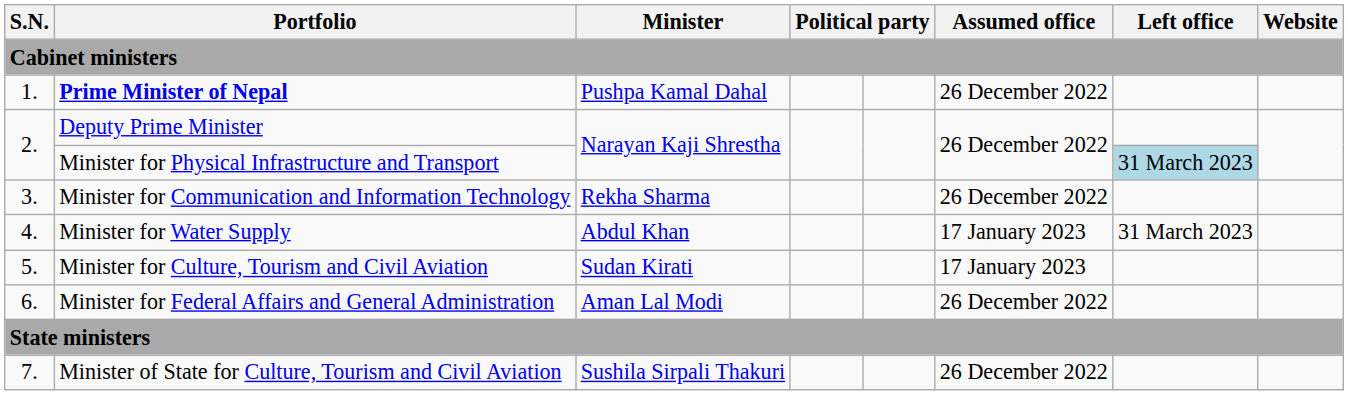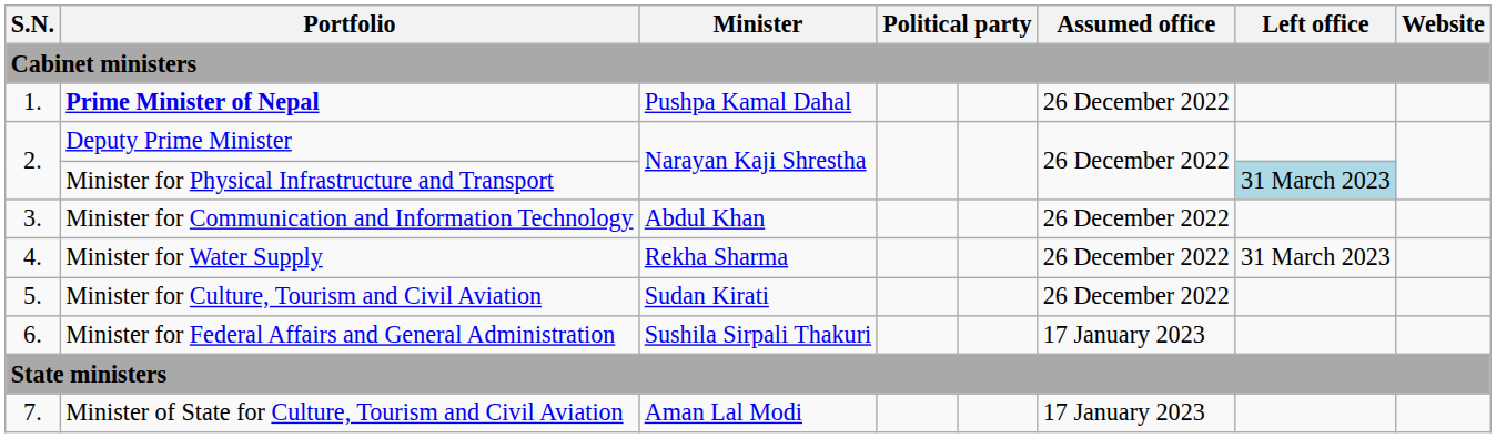 <table class="wikitable mw-collapsible mw-collapsed">
 <tr>
 <th>S.N.</th>
 <th>Portfolio</th>
 <th>Minister</th>
 <th colspan="2">Political party</th>
 <th>Assumed office</th>
 <th>Left office</th>
 <th>Website</th>
 </tr>
 <tr>
 <td colspan="8" bgcolor="darkgrey"><strong>Cabinet ministers</strong></td>
 </tr>
 <tr>
 <td style="text-align:center;">1.</td>
 <td><strong><a href='#'>Prime Minister of Nepal</a></strong><br></td>
 <td><a href='#'>Pushpa Kamal Dahal</a></td>
 <td></td>
 <td></td>
 <td>26 December 2022</td>
 <td></td>
 <td></td>
 </tr>
 <tr>
 <td rowspan="2" style="text-align:center;">2.</td>
 <td><a href='#'>Deputy Prime Minister</a></td>
 <td rowspan="2"><a href='#'>Narayan Kaji Shrestha</a></td>
 <td rowspan="2"></td>
 <td rowspan="2"></td>
 <td rowspan="2">26 December 2022</td>
 <td></td>
 <td rowspan="2"></td>
 </tr>
 <tr>
 <td>Minister for <a href='#'>Physical Infrastructure and Transport</a></td>
 <td style="background: lightblue;">31 March 2023</td>
 </tr>
 <tr>
 <td style="text-align:center;">3.</td>
 <td>Minister for <a href='#'>Communication and Information Technology</a></td>
-<td><a href='#'>Rekha Sharma</a></td>
+<td><a href='#'>Abdul Khan</a></td>
 <td></td>
 <td></td>
 <td>26 December 2022</td>
 <td></td>
 <td></td>
 </tr>
 <tr>
 <td style="text-align:center;">4.</td>
 <td>Minister for <a href='#'>Water Supply</a></td>
-<td><a href='#'>Abdul Khan</a></td>
+<td><a href='#'>Rekha Sharma</a></td>
 <td></td>
 <td></td>
-<td>17 January 2023</td>
+<td>26 December 2022</td>
 <td>31 March 2023</td>
 <td> </td>
 </tr>
 <tr>
 <td style="text-align:center;">5.</td>
 <td>Minister for <a href='#'>Culture, Tourism and Civil Aviation</a></td>
 <td><a href='#'>Sudan Kirati</a></td>
 <td></td>
 <td></td>
-<td>17 January 2023</td>
+<td>26 December 2022</td>
 <td></td>
 <td></td>
 </tr>
 <tr>
 <td style="text-align:center;">6.</td>
 <td>Minister for <a href='#'>Federal Affairs and General Administration</a></td>
-<td><a href='#'>Aman Lal Modi</a></td>
+<td><a href='#'>Sushila Sirpali Thakuri</a></td>
 <td></td>
 <td></td>
-<td>26 December 2022</td>
+<td>17 January 2023</td>
 <td></td>
 <td></td>
 </tr>
 <tr>
 <td colspan="8" bgcolor="darkgrey"><strong>State ministers</strong></td>
 </tr>
 <tr>
 <td style="text-align:center;">7.</td>
 <td>Minister of State for <a href='#'>Culture, Tourism and Civil Aviation</a></td>
-<td><a href='#'>Sushila Sirpali Thakuri</a></td>
+<td><a href='#'>Aman Lal Modi</a></td>
 <td></td>
 <td></td>
-<td>26 December 2022</td>
+<td>17 January 2023</td>
 <td></td>
 <td></td>
 </tr>
 </table>
